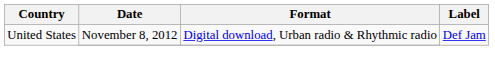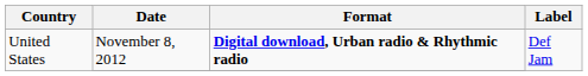 <table class="wikitable">
 <tr>
 <th>Country</th>
 <th>Date</th>
 <th>Format</th>
 <th>Label</th>
 </tr>
 <tr>
 <td rowspan="3">United States</td>
 <td>November 8, 2012</td>
-<td><a href='#'>Digital download</a>, Urban radio & Rhythmic radio</td>
+<td><strong><a href='#'>Digital download</a>, Urban radio & Rhythmic radio</strong></td>
 <td rowspan="3"><a href='#'>Def Jam</a></td>
 </tr>
 <tr>
 </tr>
 </table>
